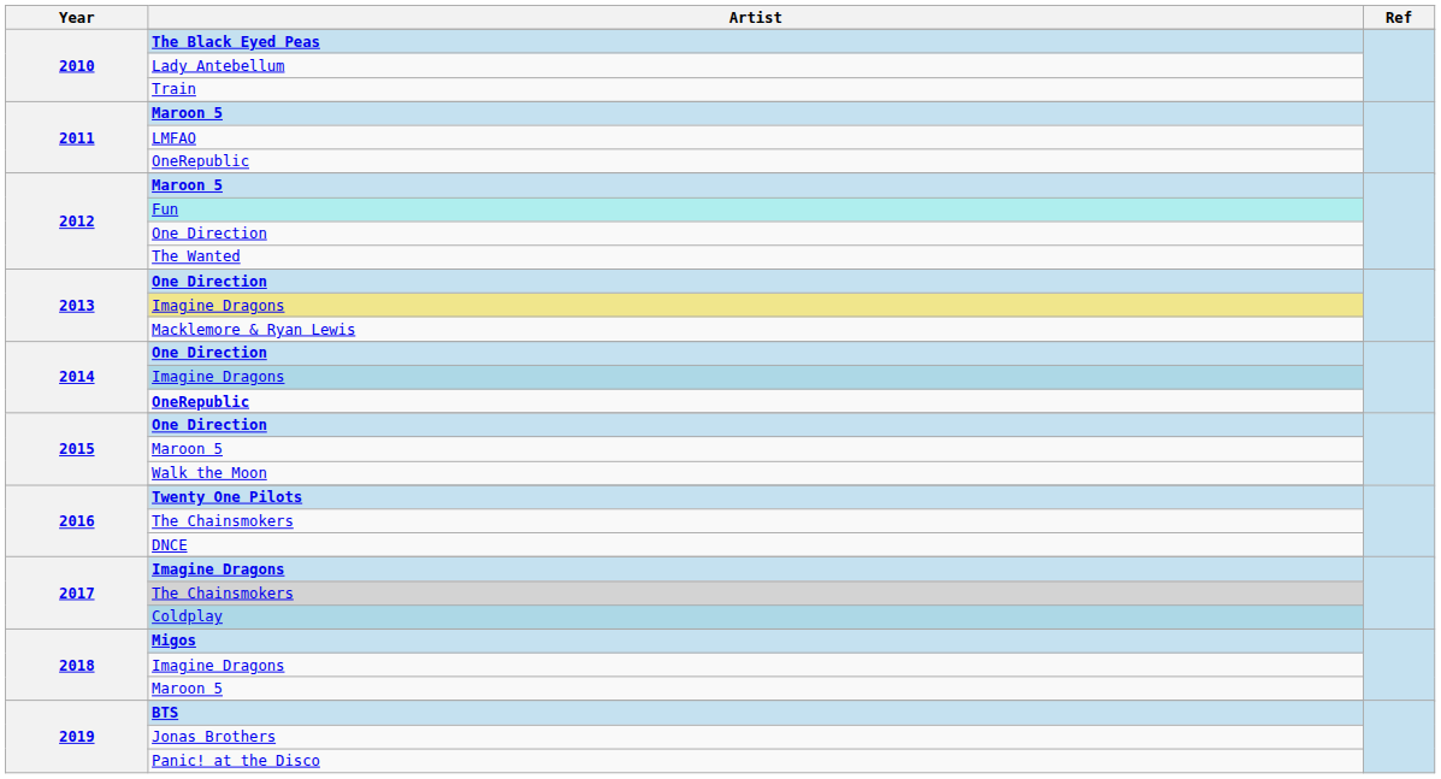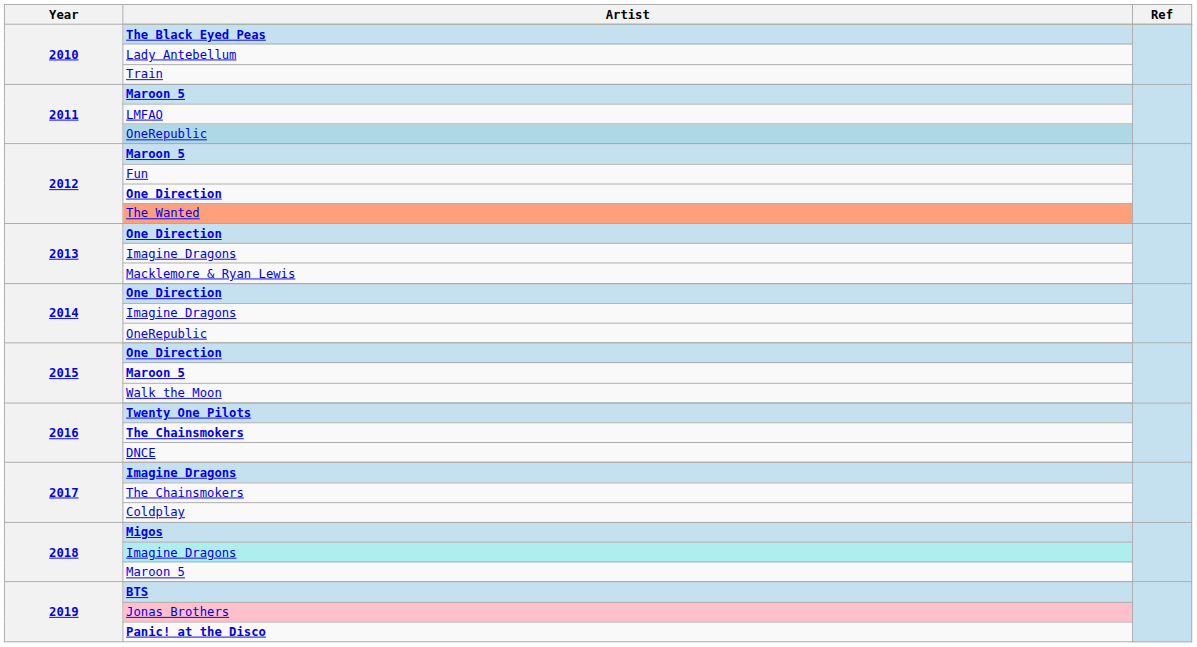 <table class="wikitable" width="100%">
 <tr>
 <th width="10%">Year</th>
 <th width="85%">Artist</th>
 <th width="5%">Ref</th>
 </tr>
 <tr>
 <th rowspan="4" align="center"><a href='#'>2010<br></a></th>
 </tr>
 <tr style="background:#c5e1f0">
 <td><strong><a href='#'>The Black Eyed Peas</a></strong></td>
 <td rowspan="4" align="center"></td>
 </tr>
 <tr>
 <td><a href='#'>Lady Antebellum</a></td>
 </tr>
 <tr>
 <td><a href='#'>Train</a></td>
 </tr>
 <tr>
 <th rowspan="4" align="center"><a href='#'>2011<br></a></th>
 </tr>
 <tr style="background:#c5e1f0">
 <td><strong><a href='#'>Maroon 5</a></strong></td>
 <td rowspan="4" align="center"></td>
 </tr>
 <tr>
 <td><a href='#'>LMFAO</a></td>
 </tr>
 <tr>
-<td><a href='#'>OneRepublic</a></td>
+<td style="background: lightblue;"><a href='#'>OneRepublic</a></td>
 </tr>
 <tr>
 <th rowspan="5" align="center"><a href='#'>2012<br></a></th>
 </tr>
 <tr style="background:#c5e1f0">
 <td><strong><a href='#'>Maroon 5</a></strong></td>
 <td rowspan="5" align="center"></td>
 </tr>
 <tr>
-<td style="background: paleturquoise;"><a href='#'>Fun</a></td>
+<td><a href='#'>Fun</a></td>
 </tr>
 <tr>
-<td><a href='#'>One Direction</a></td>
+<td><strong><a href='#'>One Direction</a></strong></td>
 </tr>
 <tr>
-<td><a href='#'>The Wanted</a></td>
+<td style="background: lightsalmon;"><a href='#'>The Wanted</a></td>
 </tr>
 <tr>
 <th rowspan="4" align="center"><a href='#'>2013<br></a></th>
 </tr>
 <tr style="background:#c5e1f0">
 <td><strong><a href='#'>One Direction</a></strong></td>
 <td rowspan="4" align="center"></td>
 </tr>
 <tr>
-<td style="background: khaki;"><a href='#'>Imagine Dragons</a></td>
+<td><a href='#'>Imagine Dragons</a></td>
 </tr>
 <tr>
 <td><a href='#'>Macklemore & Ryan Lewis</a></td>
 </tr>
 <tr>
 <th rowspan="4" align="center"><a href='#'>2014<br></a></th>
 </tr>
 <tr style="background:#c5e1f0">
 <td><strong><a href='#'>One Direction</a></strong></td>
 <td rowspan="4" align="center"></td>
 </tr>
 <tr>
-<td style="background: lightblue;"><a href='#'>Imagine Dragons</a></td>
+<td><a href='#'>Imagine Dragons</a></td>
 </tr>
 <tr>
-<td><strong><a href='#'>OneRepublic</a></strong></td>
+<td><a href='#'>OneRepublic</a></td>
 </tr>
 <tr>
 <th rowspan="4" align="center"><a href='#'>2015<br></a></th>
 </tr>
 <tr style="background:#c5e1f0">
 <td><strong><a href='#'>One Direction</a></strong></td>
 <td rowspan="4" align="center"></td>
 </tr>
 <tr>
-<td><a href='#'>Maroon 5</a></td>
+<td><strong><a href='#'>Maroon 5</a></strong></td>
 </tr>
 <tr>
 <td><a href='#'>Walk the Moon</a></td>
 </tr>
 <tr>
 <th rowspan="4" align="center"><a href='#'>2016<br></a></th>
 </tr>
 <tr style="background:#c5e1f0">
 <td><strong><a href='#'>Twenty One Pilots</a></strong></td>
 <td rowspan="4" align="center"></td>
 </tr>
 <tr>
-<td><a href='#'>The Chainsmokers</a></td>
+<td><strong><a href='#'>The Chainsmokers</a></strong></td>
 </tr>
 <tr>
 <td><a href='#'>DNCE</a></td>
 </tr>
 <tr>
 <th rowspan="4" align="center"><a href='#'>2017<br></a></th>
 </tr>
 <tr style="background:#c5e1f0">
 <td><strong><a href='#'>Imagine Dragons</a></strong></td>
 <td rowspan="4" align="center"></td>
 </tr>
 <tr>
-<td style="background: lightgrey;"><a href='#'>The Chainsmokers</a></td>
+<td><a href='#'>The Chainsmokers</a></td>
 </tr>
 <tr>
-<td style="background: lightblue;"><a href='#'>Coldplay</a></td>
+<td><a href='#'>Coldplay</a></td>
 </tr>
 <tr>
 <th rowspan="4" align="center"><a href='#'>2018<br></a></th>
 </tr>
 <tr style="background:#c5e1f0">
 <td><strong><a href='#'>Migos</a></strong></td>
 <td rowspan="4" align="center"></td>
 </tr>
 <tr>
-<td><a href='#'>Imagine Dragons</a></td>
+<td style="background: paleturquoise;"><a href='#'>Imagine Dragons</a></td>
 </tr>
 <tr>
 <td><a href='#'>Maroon 5</a></td>
 </tr>
 <tr>
 <th rowspan="4" align="center"><a href='#'>2019<br></a></th>
 </tr>
 <tr style="background:#c5e1f0">
 <td><strong><a href='#'>BTS</a></strong></td>
 <td rowspan="3" align="center"></td>
 </tr>
 <tr>
-<td><a href='#'>Jonas Brothers</a></td>
+<td style="background: pink;"><a href='#'>Jonas Brothers</a></td>
 </tr>
 <tr>
-<td><a href='#'>Panic! at the Disco</a></td>
+<td><strong><a href='#'>Panic! at the Disco</a></strong></td>
 </tr>
 </table>
